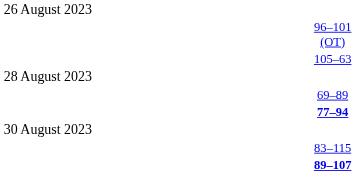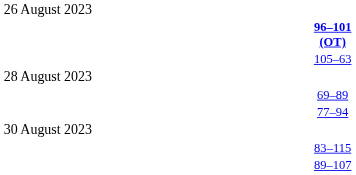 <table style="width:100%;" cellspacing="1">
 <tr>
 <th width=25%></th>
 <th width=2%></th>
 <th width=6%></th>
 <th width=2%></th>
 <th width=25%></th>
 </tr>
 <tr>
 <td>26 August 2023</td>
 </tr>
 <tr style=font-size:90%>
 <td align=right></td>
 <td></td>
-<td align=center><a href='#'>96–101 (OT)</a></td>
+<td align=center><strong><a href='#'>96–101 (OT)</a></strong></td>
 <td></td>
 <td></td>
 <td></td>
 </tr>
 <tr style=font-size:90%>
 <td align=right></td>
 <td></td>
 <td align=center><a href='#'>105–63</a></td>
 <td></td>
 <td></td>
 <td></td>
 </tr>
 <tr>
 <td>28 August 2023</td>
 </tr>
 <tr style=font-size:90%>
 <td align=right></td>
 <td></td>
 <td align=center><a href='#'>69–89</a></td>
 <td></td>
 <td></td>
 <td></td>
 </tr>
 <tr style=font-size:90%>
 <td align=right></td>
 <td></td>
-<td align=center><strong><a href='#'>77–94</a></strong></td>
+<td align=center><a href='#'>77–94</a></td>
 <td></td>
 <td></td>
 <td></td>
 </tr>
 <tr>
 <td>30 August 2023</td>
 </tr>
 <tr style=font-size:90%>
 <td align=right></td>
 <td></td>
 <td align=center><a href='#'>83–115</a></td>
 <td></td>
 <td></td>
 <td></td>
 </tr>
 <tr style=font-size:90%>
 <td align=right></td>
 <td></td>
-<td align=center><strong><a href='#'>89–107</a></strong></td>
+<td align=center><a href='#'>89–107</a></td>
 <td></td>
 <td></td>
 <td></td>
 </tr>
 </table>
